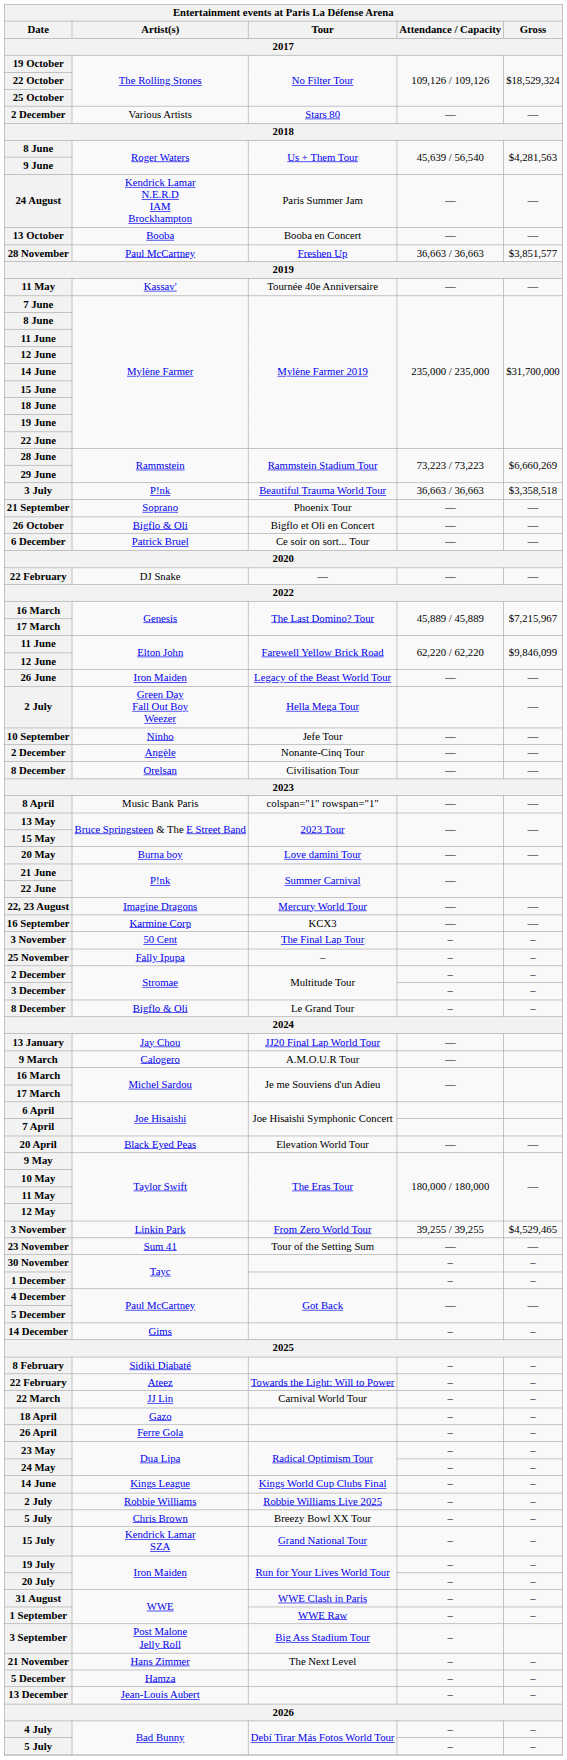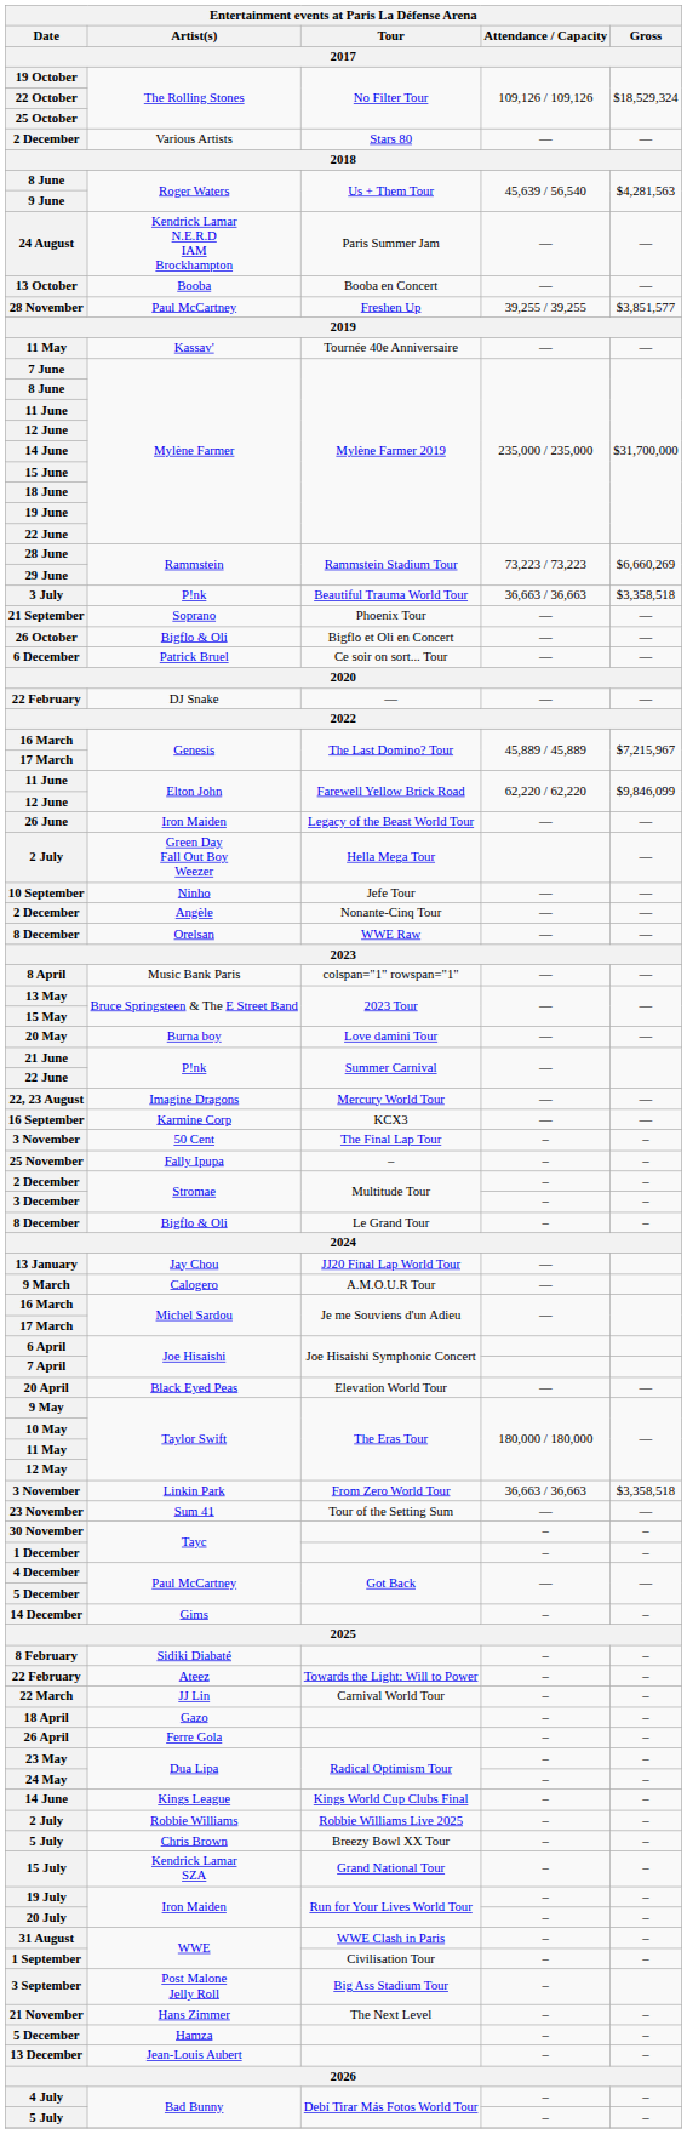 <table class="wikitable plainrowheaders collapsible" style="text-align:center;">
 <tr>
 <th colspan="5">Entertainment events at Paris La Défense Arena</th>
 </tr>
 <tr>
 <th>Date</th>
 <th>Artist(s)</th>
 <th>Tour</th>
 <th>Attendance / Capacity</th>
 <th>Gross</th>
 </tr>
 <tr>
 <th colspan="5">2017</th>
 </tr>
 <tr>
 <th scope="row" style="text-align:center;">19 October</th>
 <td rowspan="3"><a href='#'>The Rolling Stones</a></td>
 <td rowspan="3"><a href='#'>No Filter Tour</a></td>
 <td rowspan="3">109,126 / 109,126</td>
 <td rowspan="3">$18,529,324</td>
 </tr>
 <tr>
 <th scope="row" style="text-align:center;">22 October</th>
 </tr>
 <tr>
 <th scope="row" style="text-align:center;">25 October</th>
 </tr>
 <tr>
 <th scope="row" style="text-align:center;">2 December</th>
 <td>Various Artists</td>
 <td><a href='#'>Stars 80</a></td>
 <td>—</td>
 <td>—</td>
 </tr>
 <tr>
 <th colspan="5">2018</th>
 </tr>
 <tr>
 <th scope="row" style="text-align:center;">8 June</th>
 <td rowspan="2"><a href='#'>Roger Waters</a></td>
 <td rowspan="2"><a href='#'>Us + Them Tour</a></td>
 <td rowspan="2">45,639 / 56,540</td>
 <td rowspan="2">$4,281,563</td>
 </tr>
 <tr>
 <th scope="row" style="text-align:center;">9 June</th>
 </tr>
 <tr>
 <th scope="row" style="text-align:center;">24 August</th>
 <td><a href='#'>Kendrick Lamar</a><br><a href='#'>N.E.R.D</a><br><a href='#'>IAM</a><br><a href='#'>Brockhampton</a></td>
 <td>Paris Summer Jam</td>
 <td>—</td>
 <td>—</td>
 </tr>
 <tr>
 <th scope="row" style="text-align:center;">13 October</th>
 <td><a href='#'>Booba</a></td>
 <td>Booba en Concert</td>
 <td>—</td>
 <td>—</td>
 </tr>
 <tr>
 <th scope="row" style="text-align:center;">28 November</th>
 <td><a href='#'>Paul McCartney</a></td>
 <td><a href='#'>Freshen Up</a></td>
-<td rowspan="1">36,663 / 36,663</td>
+<td>39,255 / 39,255</td>
 <td rowspan="1">$3,851,577</td>
 </tr>
 <tr>
 <th colspan="5">2019</th>
 </tr>
 <tr>
 <th scope="row" style="text-align:center;">11 May</th>
 <td><a href='#'>Kassav'</a></td>
 <td>Tournée 40e Anniversaire</td>
 <td>—</td>
 <td>—</td>
 </tr>
 <tr>
 <th scope="row" style="text-align:center;">7 June</th>
 <td rowspan="9"><a href='#'>Mylène Farmer</a></td>
 <td rowspan="9"><a href='#'>Mylène Farmer 2019</a></td>
 <td rowspan="9">235,000 / 235,000</td>
 <td rowspan="9">$31,700,000</td>
 </tr>
 <tr>
 <th scope="row" style="text-align:center;">8 June</th>
 </tr>
 <tr>
 <th scope="row" style="text-align:center;">11 June</th>
 </tr>
 <tr>
 <th scope="row" style="text-align:center;">12 June</th>
 </tr>
 <tr>
 <th scope="row" style="text-align:center;">14 June</th>
 </tr>
 <tr>
 <th scope="row" style="text-align:center;">15 June</th>
 </tr>
 <tr>
 <th scope="row" style="text-align:center;">18 June</th>
 </tr>
 <tr>
 <th scope="row" style="text-align:center;">19 June</th>
 </tr>
 <tr>
 <th scope="row" style="text-align:center;">22 June</th>
 </tr>
 <tr>
 <th scope="row" style="text-align:center;">28 June</th>
 <td rowspan="2"><a href='#'>Rammstein</a></td>
 <td rowspan="2"><a href='#'>Rammstein Stadium Tour</a></td>
 <td rowspan="2">73,223 / 73,223</td>
 <td rowspan="2">$6,660,269</td>
 </tr>
 <tr>
 <th scope="row" style="text-align:center;">29 June</th>
 </tr>
 <tr>
 <th scope="row" style="text-align:center;">3 July</th>
 <td><a href='#'>P!nk</a></td>
 <td><a href='#'>Beautiful Trauma World Tour</a></td>
 <td rowspan="1">36,663 / 36,663</td>
 <td rowspan="1">$3,358,518</td>
 </tr>
 <tr>
 <th scope="row" style="text-align:center;">21 September</th>
 <td><a href='#'>Soprano</a></td>
 <td>Phoenix Tour</td>
 <td>—</td>
 <td>—</td>
 </tr>
 <tr>
 <th scope="row" style="text-align:center;">26 October</th>
 <td><a href='#'>Bigflo & Oli</a></td>
 <td>Bigflo et Oli en Concert</td>
 <td>—</td>
 <td>—</td>
 </tr>
 <tr>
 <th scope="row" style="text-align:center;">6 December</th>
 <td><a href='#'>Patrick Bruel</a></td>
 <td>Ce soir on sort... Tour</td>
 <td>—</td>
 <td>—</td>
 </tr>
 <tr>
 <th colspan="5">2020</th>
 </tr>
 <tr>
 <th scope="row" style="text-align:center;">22 February</th>
 <td>DJ Snake</td>
 <td>—</td>
 <td>—</td>
 <td>—</td>
 </tr>
 <tr>
 <th colspan="5">2022</th>
 </tr>
 <tr>
 <th scope="row" style="text-align:center;">16 March</th>
 <td rowspan=2><a href='#'>Genesis</a></td>
 <td rowspan=2><a href='#'>The Last Domino? Tour</a></td>
 <td rowspan="2">45,889 / 45,889</td>
 <td rowspan="2">$7,215,967</td>
 </tr>
 <tr>
 <th scope="row" style="text-align:center;">17 March</th>
 </tr>
 <tr>
 <th scope="row" style="text-align:center;">11 June</th>
 <td rowspan="2"><a href='#'>Elton John</a></td>
 <td rowspan="2"><a href='#'>Farewell Yellow Brick Road</a></td>
 <td rowspan="2">62,220 / 62,220</td>
 <td rowspan="2">$9,846,099</td>
 </tr>
 <tr>
 <th scope="row" style="text-align:center;">12 June</th>
 </tr>
 <tr>
 <th scope="row" style="text-align:center;">26 June</th>
 <td><a href='#'>Iron Maiden</a></td>
 <td><a href='#'>Legacy of the Beast World Tour</a></td>
 <td>—</td>
 <td>—</td>
 </tr>
 <tr>
 <th scope="row" style="text-align:center;">2 July</th>
 <td><a href='#'>Green Day</a> <br> <a href='#'>Fall Out Boy</a><br> <a href='#'>Weezer</a></td>
 <td><a href='#'>Hella Mega Tour</a></td>
 <td></td>
 <td>—</td>
 </tr>
 <tr>
 <th scope="row" style="text-align:center;">10 September</th>
 <td><a href='#'>Ninho</a></td>
 <td>Jefe Tour</td>
 <td>—</td>
 <td>—</td>
 </tr>
 <tr>
 <th scope="row" style="text-align:center;">2 December</th>
 <td><a href='#'>Angèle</a></td>
 <td>Nonante-Cinq Tour</td>
 <td>—</td>
 <td>—</td>
 </tr>
 <tr>
 <th scope="row" style="text-align:center;">8 December</th>
 <td><a href='#'>Orelsan</a></td>
-<td>Civilisation Tour</td>
+<td><a href='#'>WWE Raw</a></td>
 <td>—</td>
 <td>—</td>
 </tr>
 <tr>
 <th colspan="5">2023</th>
 </tr>
 <tr>
 <th scope="row" style="text-align:center;">8 April</th>
 <td>Music Bank Paris</td>
 <td>colspan="1" rowspan="1"  </td>
 <td>—</td>
 <td>—</td>
 </tr>
 <tr>
 <th scope="row" style="text-align:center;">13 May</th>
 <td rowspan="2"><a href='#'>Bruce Springsteen</a> & The <a href='#'>E Street Band</a></td>
 <td rowspan="2"><a href='#'>2023 Tour</a></td>
 <td rowspan="2">—</td>
 <td rowspan="2">—</td>
 </tr>
 <tr>
 <th scope="row" style="text-align:center;">15 May</th>
 </tr>
 <tr>
 <th scope="row" style="text-align:center;">20 May</th>
 <td><a href='#'>Burna boy</a></td>
 <td><a href='#'>Love damini Tour</a></td>
 <td>—</td>
 <td>—</td>
 </tr>
 <tr>
 <th scope="row" style="text-align:center;">21 June</th>
 <td rowspan="2"><a href='#'>P!nk</a></td>
 <td rowspan="2"><a href='#'>Summer Carnival</a></td>
 <td rowspan="2">—</td>
 <td rowspan="2"></td>
 </tr>
 <tr>
 <th scope="row" style="text-align:center;">22 June</th>
 </tr>
 <tr>
 <th scope="row" style="text-align:center;">22, 23 August</th>
 <td><a href='#'>Imagine Dragons</a></td>
 <td><a href='#'>Mercury World Tour</a></td>
 <td>—</td>
 <td>—</td>
 </tr>
 <tr>
 <th scope="row" style="text-align:center;">16 September</th>
 <td><a href='#'>Karmine Corp</a></td>
 <td>KCX3</td>
 <td>—</td>
 <td>—</td>
 </tr>
 <tr>
 <th scope="row" style="text-align:center;">3 November</th>
 <td><a href='#'>50 Cent</a></td>
 <td><a href='#'>The Final Lap Tour</a></td>
 <td>–</td>
 <td>–</td>
 </tr>
 <tr>
 <th scope="row" style="text-align:center;">25 November</th>
 <td><a href='#'>Fally Ipupa</a></td>
 <td>–</td>
 <td>–</td>
 <td>–</td>
 </tr>
 <tr>
 <th scope="row" style="text-align:center;">2 December</th>
 <td rowspan="2"><a href='#'>Stromae</a></td>
 <td rowspan="2">Multitude Tour</td>
 <td>–</td>
 <td>–</td>
 </tr>
 <tr>
 <th scope="row" style="text-align:center;">3 December</th>
 <td>–</td>
 <td>–</td>
 </tr>
 <tr>
 <th scope="row" style="text-align:center;">8 December</th>
 <td><a href='#'>Bigflo & Oli</a></td>
 <td>Le Grand Tour</td>
 <td>–</td>
 <td>–</td>
 </tr>
 <tr>
 <th colspan="5">2024</th>
 </tr>
 <tr>
 <th scope="row" style="text-align:center;">13 January</th>
 <td><a href='#'>Jay Chou</a></td>
 <td><a href='#'>JJ20 Final Lap World Tour</a></td>
 <td>—</td>
 <td></td>
 </tr>
 <tr>
 <th scope="row" style="text-align:center;">9 March</th>
 <td><a href='#'>Calogero</a></td>
 <td>A.M.O.U.R Tour</td>
 <td>—</td>
 <td></td>
 </tr>
 <tr>
 <th scope="row" style="text-align:center;">16 March</th>
 <td rowspan="2"><a href='#'>Michel Sardou</a></td>
 <td rowspan="2">Je me Souviens d'un Adieu</td>
 <td rowspan="2">—</td>
 <td rowspan="2"></td>
 </tr>
 <tr>
 <th scope="row" style="text-align:center;">17 March</th>
 </tr>
 <tr>
 <th scope="row" style="text-align:center;">6 April</th>
 <td rowspan="2"><a href='#'>Joe Hisaishi</a></td>
 <td rowspan="2">Joe Hisaishi Symphonic Concert</td>
 <td></td>
 <td></td>
 </tr>
 <tr>
 <th scope="row" style="text-align:center;">7 April</th>
 <td></td>
 <td></td>
 </tr>
 <tr>
 <th scope="row" style="text-align:center;">20 April</th>
 <td><a href='#'>Black Eyed Peas</a></td>
 <td>Elevation World Tour</td>
 <td>—</td>
 <td>—</td>
 </tr>
 <tr>
 <th scope="row" style="text-align:center;">9 May</th>
 <td rowspan="4"><a href='#'>Taylor Swift</a></td>
 <td rowspan="4"><a href='#'>The Eras Tour</a></td>
 <td rowspan="4">180,000 / 180,000</td>
 <td rowspan="4">—</td>
 </tr>
 <tr>
 <th scope="row" style="text-align:center;">10 May</th>
 </tr>
 <tr>
 <th scope="row" style="text-align:center;">11 May</th>
 </tr>
 <tr>
 <th scope="row" style="text-align:center;">12 May</th>
 </tr>
 <tr>
 <th scope="row" style="text-align:center;">3 November</th>
 <td><a href='#'>Linkin Park</a></td>
 <td><a href='#'>From Zero World Tour</a></td>
-<td>39,255 / 39,255</td>
-<td>$4,529,465</td>
+<td rowspan="1">36,663 / 36,663</td>
+<td rowspan="1">$3,358,518</td>
 </tr>
 <tr>
 <th scope="row" style="text-align:center;">23 November</th>
 <td><a href='#'>Sum 41</a></td>
 <td>Tour of the Setting Sum</td>
 <td>—</td>
 <td>—</td>
 </tr>
 <tr>
 <th scope="row" style="text-align:center;">30 November</th>
 <td rowspan="2"><a href='#'>Tayc</a></td>
 <td></td>
 <td>–</td>
 <td>–</td>
 </tr>
 <tr>
 <th scope="row" style="text-align:center;">1 December</th>
 <td></td>
 <td>–</td>
 <td>–</td>
 </tr>
 <tr>
 <th scope="row" style="text-align:center;">4 December</th>
 <td rowspan="2"><a href='#'>Paul McCartney</a></td>
 <td rowspan="2"><a href='#'>Got Back</a></td>
 <td rowspan="2">—</td>
 <td rowspan="2">—</td>
 </tr>
 <tr>
 <th scope="row" style="text-align:center;">5 December</th>
 </tr>
 <tr>
 <th scope="row" style="text-align:center;">14 December</th>
 <td><a href='#'>Gims</a></td>
 <td></td>
 <td>–</td>
 <td>–</td>
 </tr>
 <tr>
 <th colspan="5">2025</th>
 </tr>
 <tr>
 <th scope="row" style="text-align:center;">8 February</th>
 <td><a href='#'>Sidiki Diabaté</a></td>
 <td></td>
 <td>–</td>
 <td>–</td>
 </tr>
 <tr>
 <th scope="row" style="text-align:center;">22 February</th>
 <td><a href='#'>Ateez</a></td>
 <td><a href='#'>Towards the Light: Will to Power</a></td>
 <td>–</td>
 <td>–</td>
 </tr>
 <tr>
 <th scope="row" style="text-align:center;">22 March</th>
 <td><a href='#'>JJ Lin</a></td>
 <td>Carnival World Tour</td>
 <td>–</td>
 <td>–</td>
 </tr>
 <tr>
 <th scope="row" style="text-align:center;">18 April</th>
 <td><a href='#'>Gazo</a></td>
 <td></td>
 <td>–</td>
 <td>–</td>
 </tr>
 <tr>
 <th scope="row" style="text-align:center;">26 April</th>
 <td><a href='#'>Ferre Gola</a></td>
 <td></td>
 <td>–</td>
 <td>–</td>
 </tr>
 <tr>
 <th scope="row" style="text-align:center;">23 May</th>
 <td rowspan="2"><a href='#'>Dua Lipa</a></td>
 <td rowspan="2"><a href='#'>Radical Optimism Tour</a></td>
 <td>–</td>
 <td>–</td>
 </tr>
 <tr>
 <th scope="row" style="text-align:center;">24 May</th>
 <td>–</td>
 <td>–</td>
 </tr>
 <tr>
 <th scope="row" style="text-align:center;">14 June</th>
 <td><a href='#'>Kings League</a></td>
 <td><a href='#'>Kings World Cup Clubs Final</a></td>
 <td>–</td>
 <td>–</td>
 </tr>
 <tr>
 <th scope="row" style="text-align:center;">2 July</th>
 <td><a href='#'>Robbie Williams</a></td>
 <td><a href='#'>Robbie Williams Live 2025</a></td>
 <td>–</td>
 <td>–</td>
 </tr>
 <tr>
 <th scope="row" style="text-align:center;">5 July</th>
 <td><a href='#'>Chris Brown</a></td>
 <td>Breezy Bowl XX Tour</td>
 <td>–</td>
 <td>–</td>
 </tr>
 <tr>
 <th scope="row" style="text-align:center;">15 July</th>
 <td><a href='#'>Kendrick Lamar</a><br><a href='#'>SZA</a></td>
 <td><a href='#'>Grand National Tour</a></td>
 <td>–</td>
 <td>–</td>
 </tr>
 <tr>
 <th scope="row" style="text-align:center;">19 July</th>
 <td rowspan="2"><a href='#'>Iron Maiden</a></td>
 <td rowspan="2"><a href='#'>Run for Your Lives World Tour</a></td>
 <td>–</td>
 <td>–</td>
 </tr>
 <tr>
 <th scope="row" style="text-align:center;">20 July</th>
 <td>–</td>
 <td>–</td>
 </tr>
 <tr>
 <th scope="row" style="text-align:center;">31 August</th>
 <td rowspan="2"><a href='#'>WWE</a></td>
 <td><a href='#'>WWE Clash in Paris</a></td>
 <td>–</td>
 <td>–</td>
 </tr>
 <tr>
 <th scope="row" style="text-align:center;">1 September</th>
-<td><a href='#'>WWE Raw</a></td>
+<td>Civilisation Tour</td>
 <td>–</td>
 <td>–</td>
 </tr>
 <tr>
 <th scope="row" style="text-align:center;">3 September</th>
 <td><a href='#'>Post Malone</a><br><a href='#'>Jelly Roll</a></td>
 <td><a href='#'>Big Ass Stadium Tour</a></td>
 <td>–</td>
 </tr>
 <tr>
 <th scope="row" style="text-align:center;">21 November</th>
 <td><a href='#'>Hans Zimmer</a></td>
 <td>The Next Level</td>
 <td>–</td>
 <td>–</td>
 </tr>
 <tr>
 <th scope="row" style="text-align:center;">5 December</th>
 <td><a href='#'>Hamza</a></td>
 <td></td>
 <td>–</td>
 <td>–</td>
 </tr>
 <tr>
 <th scope="row" style="text-align:center;">13 December</th>
 <td><a href='#'>Jean-Louis Aubert</a></td>
 <td></td>
 <td>–</td>
 <td>–</td>
 </tr>
 <tr>
 <th colspan="5">2026</th>
 </tr>
 <tr>
 <th scope="row" style="text-align:center;">4 July</th>
 <td rowspan="2"><a href='#'>Bad Bunny</a></td>
 <td rowspan="2"><a href='#'>Debí Tirar Más Fotos World Tour</a></td>
 <td>–</td>
 <td>–</td>
 </tr>
 <tr>
 <th scope="row" style="text-align:center;">5 July</th>
 <td>–</td>
 <td>–</td>
 </tr>
 <tr>
 </tr>
 </table>
